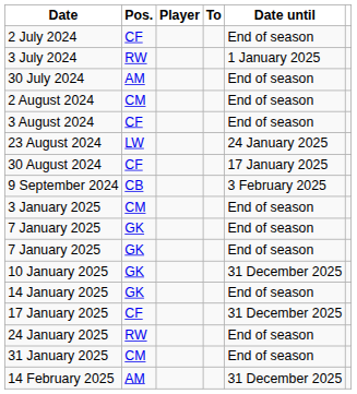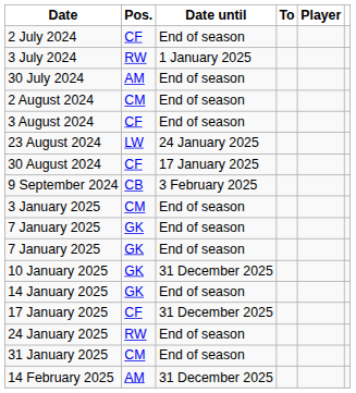 <table class="wikitable plainrowheaders sortable">
 <tr>
 <th style="background-color: white; color:black; ">Date</th>
 <th style="background-color: white; color:black; ">Pos.</th>
+<th style="background-color: white; color:black; ">Date until</th>
+<th style="background-color: white; color:black; ">To</th>
 <th style="background-color: white; color:black; ">Player</th>
-<th style="background-color: white; color:black; ">To</th>
-<th style="background-color: white; color:black; ">Date until</th>
 <th style="background-color: white; color:black; "></th>
 </tr>
 <tr>
 <td>2 July 2024</td>
 <td><a href='#'>CF</a></td>
+<td>End of season</td>
 <td></td>
 <td></td>
-<td>End of season</td>
 <td></td>
 </tr>
 <tr>
 <td>3 July 2024</td>
 <td><a href='#'>RW</a></td>
+<td>1 January 2025</td>
 <td></td>
 <td></td>
-<td>1 January 2025</td>
 <td></td>
 </tr>
 <tr>
 <td>30 July 2024</td>
 <td><a href='#'>AM</a></td>
+<td>End of season</td>
 <td></td>
 <td></td>
-<td>End of season</td>
 <td></td>
 </tr>
 <tr>
 <td>2 August 2024</td>
 <td><a href='#'>CM</a></td>
+<td>End of season</td>
 <td></td>
 <td></td>
-<td>End of season</td>
 <td></td>
 </tr>
 <tr>
 <td>3 August 2024</td>
 <td><a href='#'>CF</a></td>
+<td>End of season</td>
 <td></td>
 <td></td>
-<td>End of season</td>
 <td></td>
 </tr>
 <tr>
 <td>23 August 2024</td>
 <td><a href='#'>LW</a></td>
+<td>24 January 2025</td>
 <td></td>
 <td></td>
-<td>24 January 2025</td>
 <td></td>
 </tr>
 <tr>
 <td>30 August 2024</td>
 <td><a href='#'>CF</a></td>
+<td>17 January 2025</td>
 <td></td>
 <td></td>
-<td>17 January 2025</td>
 <td></td>
 </tr>
 <tr>
 <td>9 September 2024</td>
 <td><a href='#'>CB</a></td>
+<td>3 February 2025</td>
 <td></td>
 <td></td>
-<td>3 February 2025</td>
 <td></td>
 </tr>
 <tr>
 <td>3 January 2025</td>
 <td><a href='#'>CM</a></td>
+<td>End of season</td>
 <td></td>
 <td></td>
-<td>End of season</td>
 <td></td>
 </tr>
 <tr>
 <td>7 January 2025</td>
 <td><a href='#'>GK</a></td>
+<td>End of season</td>
 <td></td>
 <td></td>
-<td>End of season</td>
 <td></td>
 </tr>
 <tr>
 <td>7 January 2025</td>
 <td><a href='#'>GK</a></td>
+<td>End of season</td>
 <td></td>
 <td></td>
-<td>End of season</td>
 <td></td>
 </tr>
 <tr>
 <td>10 January 2025</td>
 <td><a href='#'>GK</a></td>
+<td>31 December 2025</td>
 <td></td>
 <td></td>
-<td>31 December 2025</td>
 <td></td>
 </tr>
 <tr>
 <td>14 January 2025</td>
 <td><a href='#'>GK</a></td>
+<td>End of season</td>
 <td></td>
 <td></td>
-<td>End of season</td>
 <td></td>
 </tr>
 <tr>
 <td>17 January 2025</td>
 <td><a href='#'>CF</a></td>
+<td>31 December 2025</td>
 <td></td>
 <td></td>
-<td>31 December 2025</td>
 <td></td>
 </tr>
 <tr>
 <td>24 January 2025</td>
 <td><a href='#'>RW</a></td>
+<td>End of season</td>
 <td></td>
 <td></td>
-<td>End of season</td>
 <td></td>
 </tr>
 <tr>
 <td>31 January 2025</td>
 <td><a href='#'>CM</a></td>
+<td>End of season</td>
 <td></td>
 <td></td>
-<td>End of season</td>
 <td></td>
 </tr>
 <tr>
 <td>14 February 2025</td>
 <td><a href='#'>AM</a></td>
+<td>31 December 2025</td>
 <td></td>
 <td></td>
-<td>31 December 2025</td>
 <td></td>
 </tr>
 </table>
